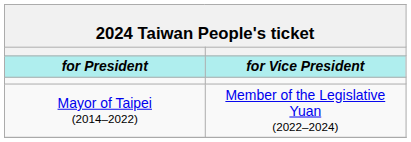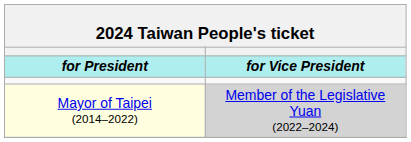 <table class="wikitable" style="font-size:90%; text-align:center;">
 <tr>
 <td colspan="28" style="background:#f1f1f1;"><br><big><strong>2024 Taiwan People's ticket</strong></big></td>
 </tr>
 <tr>
 <th style="width:3em; font-size:135%; background:"></th>
 <th style="width:3em; font-size:135%; background:"></th>
 </tr>
 <tr style="color:#000; font-size:100%;">
 <td style="width:3em; width:200px; background:PaleTurquoise;"><strong><em>for President</em></strong></td>
 <td style="width:3em; width:200px; background:PaleTurquoise;"><strong><em>for Vice President</em></strong></td>
 </tr>
 <tr>
 <td></td>
 <td></td>
 </tr>
 <tr>
-<td><a href='#'>Mayor of Taipei</a><br><small>(2014–2022)</small></td>
-<td><a href='#'>Member of the Legislative Yuan</a><br><small>(2022–2024)</small></td>
+<td style="background: lightyellow;"><a href='#'>Mayor of Taipei</a><br><small>(2014–2022)</small></td>
+<td style="background: lightgrey;"><a href='#'>Member of the Legislative Yuan</a><br><small>(2022–2024)</small></td>
 </tr>
 <tr>
 </tr>
 </table>
